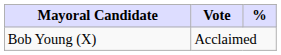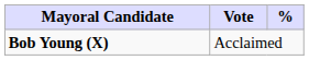 <table class="wikitable">
 <tr>
 <th style="background:#ddf; width:200px;">Mayoral Candidate </th>
 <th style="background:#ddf; width:50px;">Vote</th>
 <th style="background:#ddf; width:30px;">%</th>
 </tr>
 <tr>
-<td>Bob Young (X)</td>
+<td><strong>Bob Young (X)</strong></td>
 <td colspan="2">Acclaimed</td>
 </tr>
 </table>
